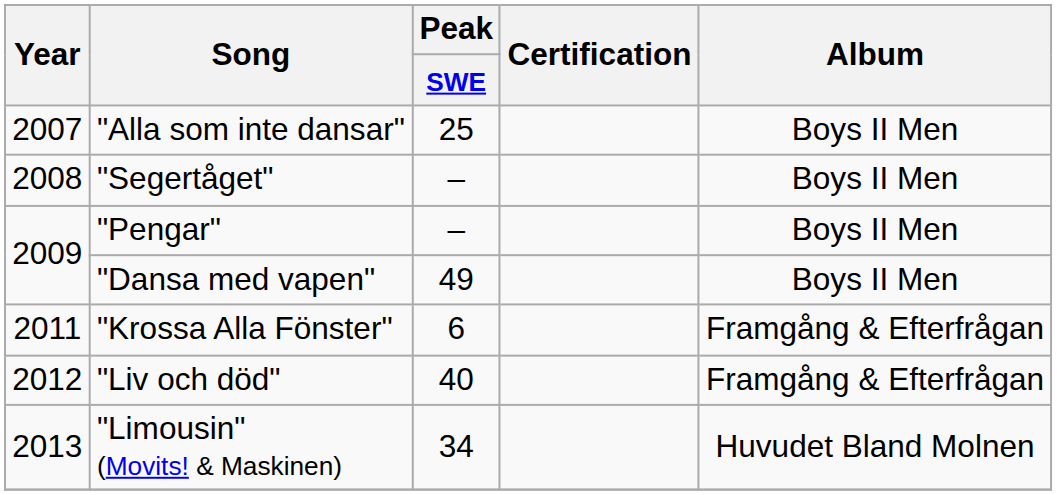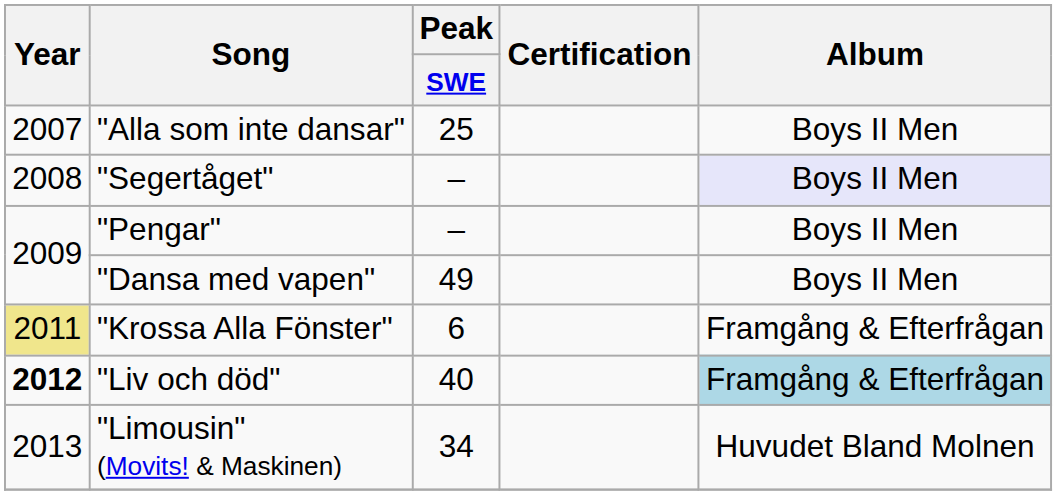 <table class="wikitable">
 <tr>
 <th width="33" rowspan="2" style="text-align:center;">Year</th>
 <th rowspan="2">Song</th>
 <th colspan="1">Peak</th>
 <th rowspan="2">Certification</th>
 <th rowspan="2">Album</th>
 </tr>
 <tr>
 <th align="center"><a href='#'><small>SWE</small></a><br></th>
 </tr>
 <tr>
 <td align="center">2007</td>
 <td>"Alla som inte dansar"</td>
 <td align="center">25</td>
 <td align="center"></td>
 <td align="center">Boys II Men</td>
 </tr>
 <tr>
 <td align="center">2008</td>
 <td>"Segertåget"</td>
 <td align="center">–</td>
 <td align="center"></td>
-<td align="center">Boys II Men</td>
+<td align="center" style="background: lavender;">Boys II Men</td>
 </tr>
 <tr>
 <td align="center" rowspan="2">2009</td>
 <td>"Pengar"</td>
 <td align="center">–</td>
 <td align="center"></td>
 <td align="center">Boys II Men</td>
 </tr>
 <tr>
 <td>"Dansa med vapen"</td>
 <td align="center">49</td>
 <td align="center"></td>
 <td align="center">Boys II Men</td>
 </tr>
 <tr>
-<td align="center">2011</td>
+<td align="center" style="background: khaki;">2011</td>
 <td>"Krossa Alla Fönster"</td>
 <td align="center">6</td>
 <td align="center"></td>
 <td align="center">Framgång & Efterfrågan</td>
 </tr>
 <tr>
-<td align="center">2012</td>
+<td align="center"><strong>2012</strong></td>
 <td>"Liv och död"</td>
 <td align="center">40</td>
 <td align="center"></td>
-<td align="center">Framgång & Efterfrågan</td>
+<td align="center" style="background: lightblue;">Framgång & Efterfrågan</td>
 </tr>
 <tr>
 <td align="center">2013</td>
 <td>"Limousin" <br><small>(<a href='#'>Movits!</a> & Maskinen)</small></td>
 <td align="center">34</td>
 <td align="center"></td>
 <td align="center">Huvudet Bland Molnen</td>
 </tr>
 <tr>
 </tr>
 </table>
